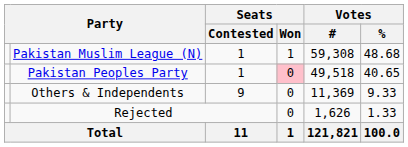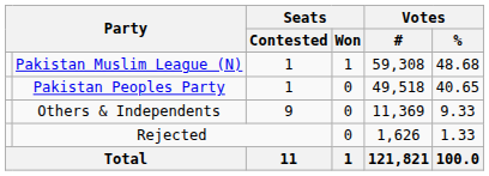 <table class="wikitable" style="text-align: center">
 <tr>
 <th colspan="2" rowspan="2">Party</th>
 <th colspan="2">Seats</th>
 <th colspan="2">Votes</th>
 </tr>
 <tr>
 <th>Contested</th>
 <th>Won</th>
 <th>#</th>
 <th>%</th>
 </tr>
 <tr>
 <td style="color:inherit;background:"></td>
 <td><a href='#'>Pakistan Muslim League (N)</a></td>
 <td>1</td>
 <td>1</td>
 <td>59,308</td>
 <td>48.68</td>
 </tr>
 <tr>
 <td style="color:inherit;background:"></td>
 <td><a href='#'>Pakistan Peoples Party</a></td>
 <td>1</td>
-<td style="background: pink;">0</td>
+<td>0</td>
 <td>49,518</td>
 <td>40.65</td>
 </tr>
 <tr>
 <td style="color:inherit;background:"></td>
 <td>Others & Independents</td>
 <td>9</td>
 <td>0</td>
 <td>11,369</td>
 <td>9.33</td>
 </tr>
 <tr>
 <td style="color:inherit;background:"></td>
 <td colspan="2">Rejected</td>
 <td>0</td>
 <td>1,626</td>
 <td>1.33</td>
 </tr>
 <tr>
 <th colspan="2">Total</th>
 <th>11</th>
 <th>1</th>
 <th>121,821</th>
 <th>100.0</th>
 </tr>
 </table>
